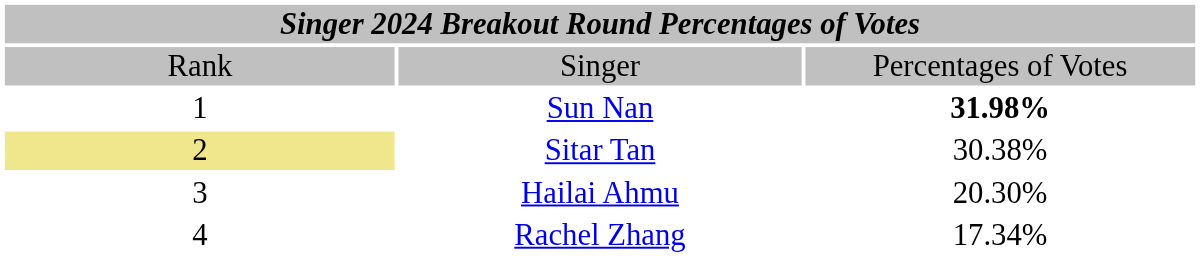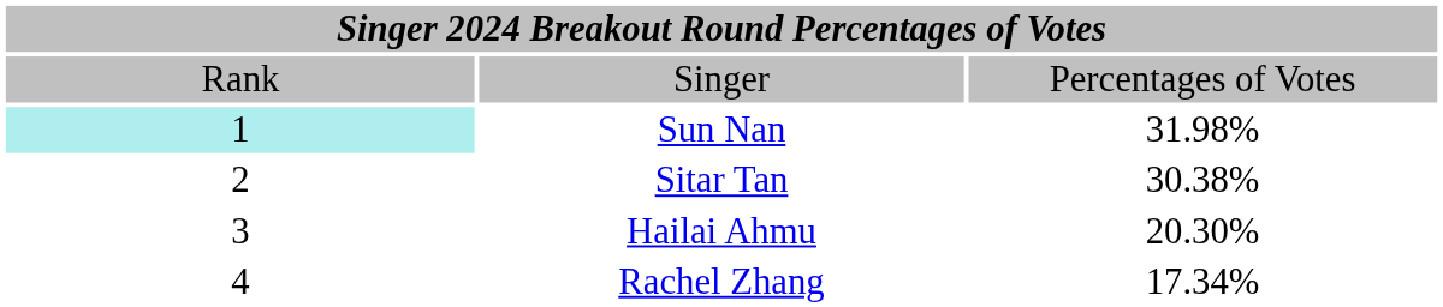 <table width="100%" style="text-align:center">
 <tr align=center style="background:silver">
 <td colspan="3"><div><strong><em>Singer<em> 2024 Breakout Round Percentages of Votes<strong></div></td>
 </tr>
 <tr align=center style="background:silver">
 <td style="width:33%"></strong>Rank<strong></td>
 <td style="width:34%"></strong>Singer<strong></td>
 <td style="width:33%"></strong>Percentages of Votes<strong></td>
 </tr>
 <tr>
-<td>1</td>
+<td style="background: paleturquoise;">1</td>
 <td><a href='#'>Sun Nan</a></td>
-<td><strong>31.98%</strong></td>
+<td>31.98%</td>
 </tr>
 <tr>
-<td style="background: khaki;">2</td>
+<td>2</td>
 <td><a href='#'>Sitar Tan</a></td>
 <td>30.38%</td>
 </tr>
 <tr>
 <td>3</td>
 <td><a href='#'>Hailai Ahmu</a></td>
 <td>20.30%</td>
 </tr>
 <tr>
 <td>4</td>
 <td><a href='#'>Rachel Zhang</a></td>
 <td>17.34%</td>
 </tr>
 </table>
